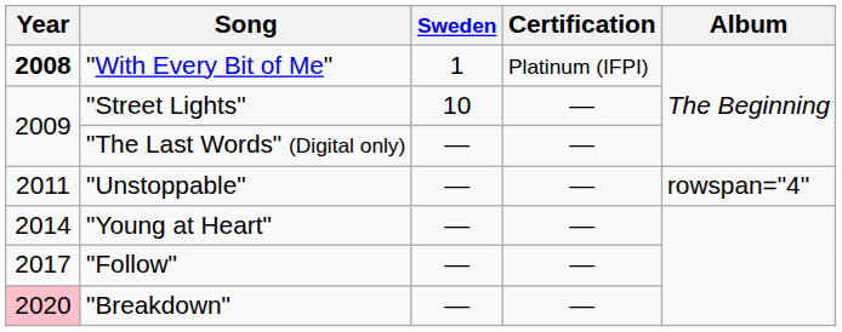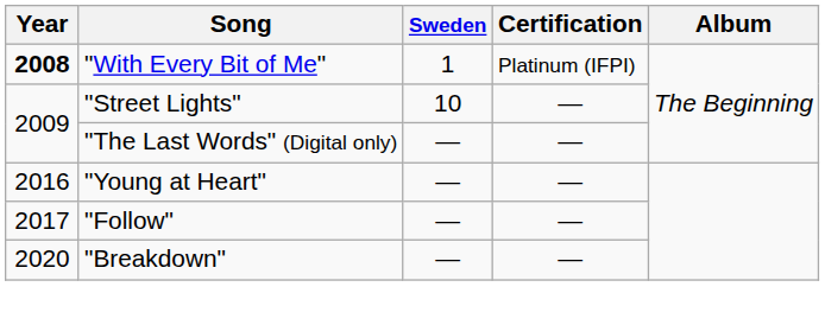 <table class="wikitable">
 <tr>
 <th width="40">Year</th>
 <th>Song</th>
 <th width="40"><small><a href='#'>Sweden</a></small></th>
 <th>Certification</th>
 <th>Album</th>
 </tr>
 <tr>
 <td style="text-align:center;"><strong>2008</strong></td>
 <td>"<a href='#'>With Every Bit of Me</a>"</td>
 <td style="text-align:center;">1</td>
 <td><small>Platinum (IFPI)</small></td>
 <td style="text-align:center;" rowspan="3"><em>The Beginning</em></td>
 </tr>
 <tr>
 <td style="text-align:center;" rowspan="2">2009</td>
 <td>"Street Lights"</td>
 <td style="text-align:center;">10</td>
 <td style="text-align:center;">—</td>
 </tr>
 <tr>
 <td>"The Last Words" <small>(Digital only)</small></td>
 <td style="text-align:center;">—</td>
 <td style="text-align:center;">—</td>
 </tr>
 <tr>
-<td style="text-align:center;">2011</td>
-<td>"Unstoppable"</td>
-<td style="text-align:center;">—</td>
-<td style="text-align:center;">—</td>
-<td>rowspan="4" </td>
-</tr>
-<tr>
-<td style="text-align:center;">2014</td>
+<td style="text-align:center;">2016</td>
 <td>"Young at Heart"</td>
 <td style="text-align:center;">—</td>
 <td style="text-align:center;">—</td>
 </tr>
 <tr>
 <td style="text-align:center;">2017</td>
 <td>"Follow"</td>
 <td style="text-align:center;">—</td>
 <td style="text-align:center;">—</td>
 </tr>
 <tr>
-<td style="background: pink; text-align:center;">2020</td>
+<td style="text-align:center;">2020</td>
 <td>"Breakdown"</td>
 <td style="text-align:center;">—</td>
 <td style="text-align:center;">—</td>
 </tr>
 </table>
